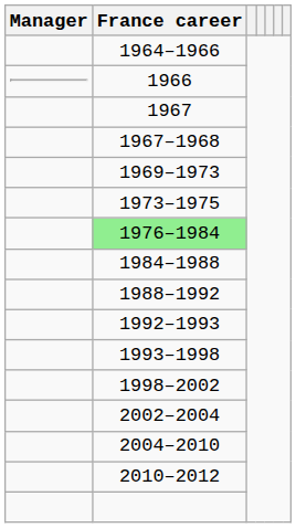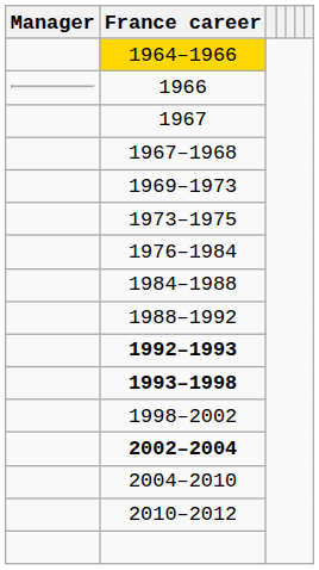 <table class="wikitable sortable" style="text-align:center;">
 <tr>
 <th>Manager</th>
 <th>France career</th>
 <th></th>
 <th></th>
 <th></th>
 <th></th>
 <th></th>
 </tr>
 <tr>
 <td style="text-align: left;"> </td>
-<td>1964–1966<br></td>
+<td style="background: gold;">1964–1966<br></td>
 </tr>
 <tr>
 <td style="text-align: left;"><em> </em><hr><em> </em></td>
 <td>1966<br></td>
 </tr>
 <tr>
 <td style="text-align: left;"><em> </em></td>
 <td>1967<br></td>
 </tr>
 <tr>
 <td style="text-align: left;"> </td>
 <td>1967–1968<br></td>
 </tr>
 <tr>
 <td style="text-align: left;"> </td>
 <td>1969–1973<br></td>
 </tr>
 <tr>
 <td style="text-align: left;"> </td>
 <td>1973–1975<br></td>
 </tr>
 <tr>
 <td style="text-align: left;"> </td>
-<td style="background: lightgreen;">1976–1984<br></td>
+<td>1976–1984<br></td>
 </tr>
 <tr>
 <td style="text-align: left;"> </td>
 <td>1984–1988<br></td>
 </tr>
 <tr>
 <td style="text-align: left;"> </td>
 <td>1988–1992<br></td>
 </tr>
 <tr>
 <td style="text-align: left;"> </td>
-<td>1992–1993<br></td>
+<td><strong>1992–1993<br></strong></td>
 </tr>
 <tr>
 <td style="text-align: left;"> </td>
-<td>1993–1998<br></td>
+<td><strong>1993–1998<br></strong></td>
 </tr>
 <tr>
 <td style="text-align: left;"> </td>
 <td>1998–2002<br></td>
 </tr>
 <tr>
 <td style="text-align: left;"> </td>
-<td>2002–2004<br></td>
+<td><strong>2002–2004<br></strong></td>
 </tr>
 <tr>
 <td style="text-align: left;"> </td>
 <td>2004–2010<br></td>
 </tr>
 <tr>
 <td style="text-align: left;"> </td>
 <td>2010–2012<br></td>
 </tr>
 <tr>
 <td style="text-align: left;"> <strong></strong></td>
 <td><br></td>
 </tr>
 </table>
